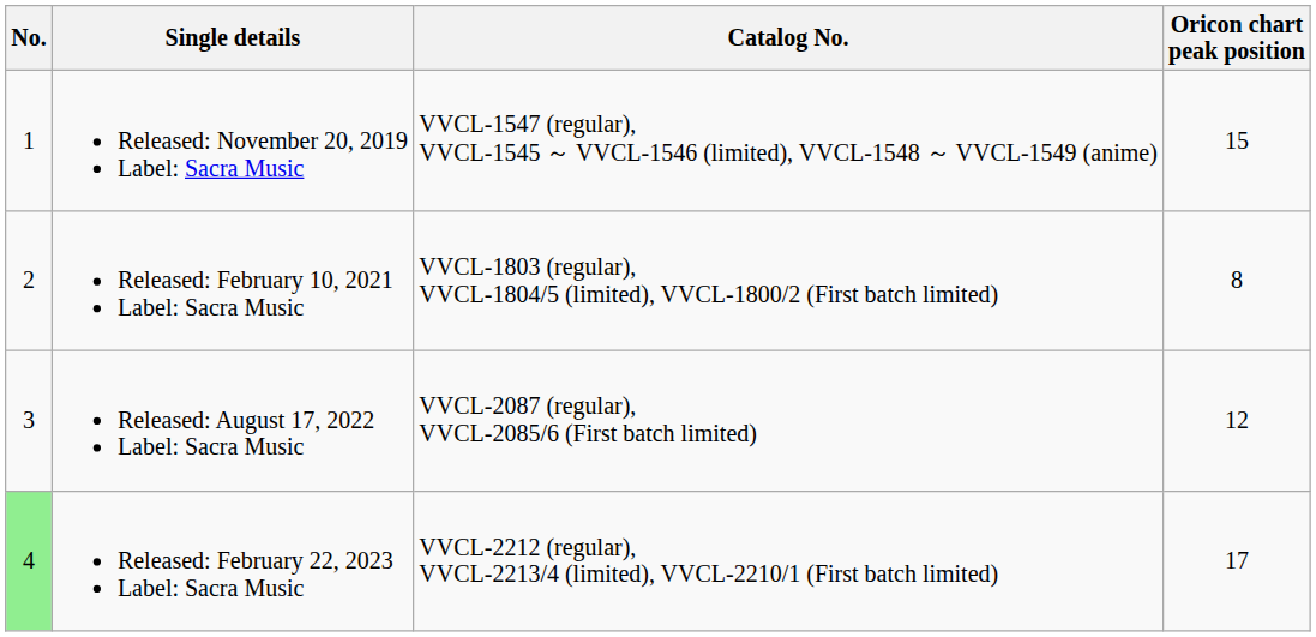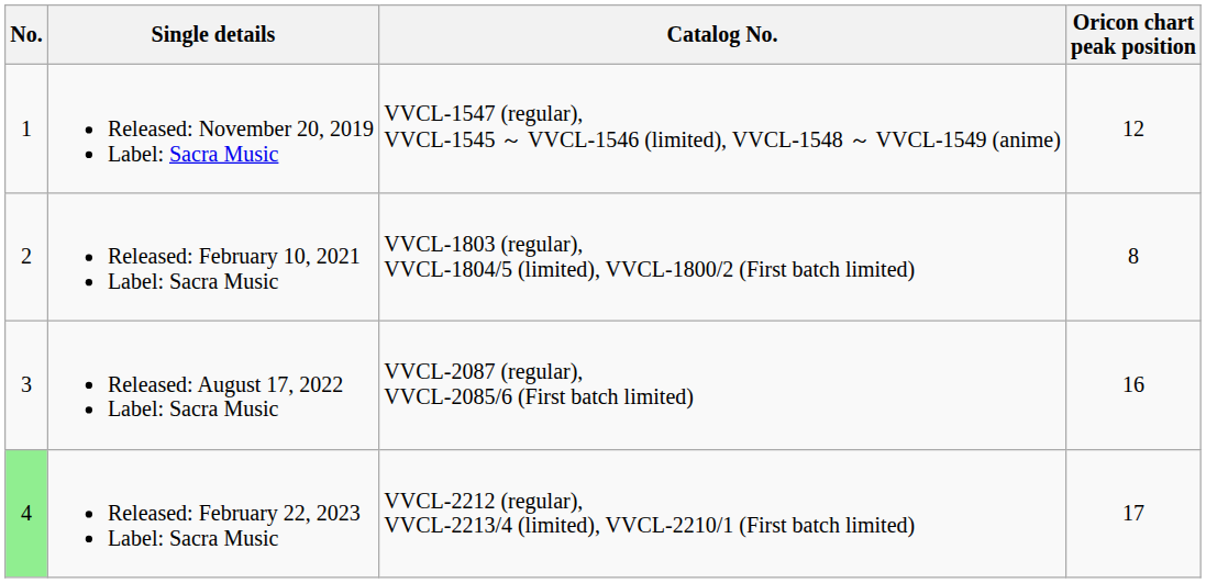 <table class="wikitable">
 <tr>
 <th>No.</th>
 <th>Single details</th>
 <th>Catalog No.</th>
 <th>Oricon chart <br>peak position</th>
 </tr>
 <tr>
 <td align="center">1</td>
 <td><br><ul><li>Released: November 20, 2019</li><li>Label: <a href='#'>Sacra Music</a></li></ul></td>
 <td>VVCL-1547 (regular),<br>VVCL-1545 ～ VVCL-1546 (limited), VVCL-1548 ～ VVCL-1549 (anime)</td>
-<td align="center">15</td>
+<td align="center">12</td>
 </tr>
 <tr>
 <td align="center">2</td>
 <td><br><ul><li>Released: February 10, 2021</li><li>Label: Sacra Music</li></ul></td>
 <td>VVCL-1803 (regular),<br>VVCL-1804/5 (limited), VVCL-1800/2 (First batch limited)</td>
 <td align="center">8</td>
 </tr>
 <tr>
 <td align="center">3</td>
 <td><br><ul><li>Released: August 17, 2022</li><li>Label: Sacra Music</li></ul></td>
 <td>VVCL-2087 (regular),<br>VVCL-2085/6 (First batch limited)</td>
-<td align="center">12</td>
+<td align="center">16</td>
 </tr>
 <tr>
 <td align="center" style="background: lightgreen;">4</td>
 <td><br><ul><li>Released: February 22, 2023</li><li>Label: Sacra Music</li></ul></td>
 <td>VVCL-2212 (regular),<br>VVCL-2213/4 (limited), VVCL-2210/1 (First batch limited)</td>
 <td align="center">17</td>
 </tr>
 </table>
